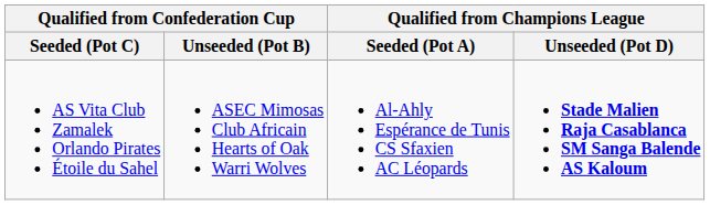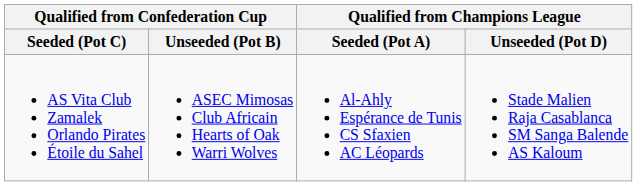 <table class="wikitable">
 <tr>
 <th colspan=2>Qualified from Confederation Cup</th>
 <th colspan=2>Qualified from Champions League</th>
 </tr>
 <tr>
 <th>Seeded (Pot C)</th>
 <th>Unseeded (Pot B)</th>
 <th>Seeded (Pot A)</th>
 <th>Unseeded (Pot D)</th>
 </tr>
 <tr>
 <td valign=top><br><ul><li> <a href='#'>AS Vita Club</a> </li><li> <a href='#'>Zamalek</a> </li><li> <a href='#'>Orlando Pirates</a> </li><li> <a href='#'>Étoile du Sahel</a> </li></ul></td>
 <td valign=top><br><ul><li> <a href='#'>ASEC Mimosas</a> </li><li> <a href='#'>Club Africain</a> </li><li> <a href='#'>Hearts of Oak</a> </li><li> <a href='#'>Warri Wolves</a> </li></ul></td>
 <td valign=top><br><ul><li> <a href='#'>Al-Ahly</a> </li><li> <a href='#'>Espérance de Tunis</a> </li><li> <a href='#'>CS Sfaxien</a> </li><li> <a href='#'>AC Léopards</a> </li></ul></td>
-<td valign=top><strong><br><ul><li> <a href='#'>Stade Malien</a> </li><li> <a href='#'>Raja Casablanca</a> </li><li> <a href='#'>SM Sanga Balende</a> </li><li> <a href='#'>AS Kaloum</a> </li></ul></strong></td>
+<td valign=top><br><ul><li> <a href='#'>Stade Malien</a> </li><li> <a href='#'>Raja Casablanca</a> </li><li> <a href='#'>SM Sanga Balende</a> </li><li> <a href='#'>AS Kaloum</a> </li></ul></td>
 </tr>
 </table>
